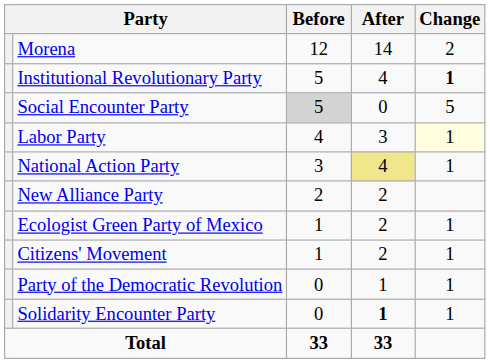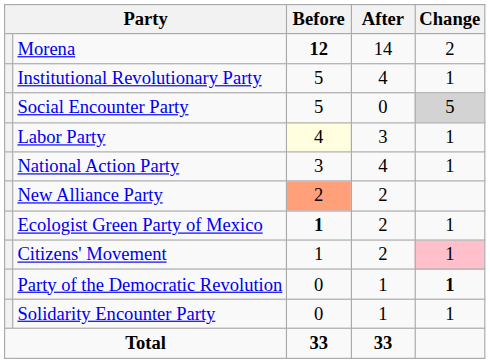 <table class="wikitable" style="text-align:center;">
 <tr>
 <th colspan="2">Party</th>
 <th style="width:3em">Before</th>
 <th style="width:3em">After</th>
 <th style="width:3em">Change</th>
 </tr>
 <tr>
 <th style="background-color:"></th>
 <td style="text-align:left;"><a href='#'>Morena</a></td>
-<td>12</td>
+<td><strong>12</strong></td>
 <td>14</td>
 <td>2</td>
 </tr>
 <tr>
 <th style="background-color:"></th>
 <td style="text-align:left;"><a href='#'>Institutional Revolutionary Party</a></td>
 <td>5</td>
 <td>4</td>
-<td><strong>1</strong></td>
+<td>1</td>
 </tr>
 <tr>
 <th style="background-color:"></th>
 <td style="text-align:left;"><a href='#'>Social Encounter Party</a></td>
+<td>5</td>
+<td>0</td>
 <td style="background: lightgrey;">5</td>
-<td>0</td>
-<td>5</td>
 </tr>
 <tr>
 <th style="background-color:"></th>
 <td style="text-align:left;"><a href='#'>Labor Party</a></td>
-<td>4</td>
+<td style="background: lightyellow;">4</td>
 <td>3</td>
-<td style="background: lightyellow;">1</td>
+<td>1</td>
 </tr>
 <tr>
 <th style="background-color:"></th>
 <td style="text-align:left;"><a href='#'>National Action Party</a></td>
 <td>3</td>
-<td style="background: khaki;">4</td>
+<td>4</td>
 <td>1</td>
 </tr>
 <tr>
 <th style="background-color:"></th>
 <td style="text-align:left;"><a href='#'>New Alliance Party</a></td>
-<td>2</td>
+<td style="background: lightsalmon;">2</td>
 <td>2</td>
 <td></td>
 </tr>
 <tr>
 <th style="background-color:"></th>
 <td style="text-align:left;"><a href='#'>Ecologist Green Party of Mexico</a></td>
-<td>1</td>
+<td><strong>1</strong></td>
 <td>2</td>
 <td>1</td>
 </tr>
 <tr>
 <th style="background-color:"></th>
 <td style="text-align:left;"><a href='#'>Citizens' Movement</a></td>
 <td>1</td>
 <td>2</td>
-<td>1</td>
+<td style="background: pink;">1</td>
 </tr>
 <tr>
 <th style="background-color:"></th>
 <td style="text-align:left;"><a href='#'>Party of the Democratic Revolution</a></td>
 <td>0</td>
 <td>1</td>
-<td>1</td>
+<td><strong>1</strong></td>
 </tr>
 <tr>
 <th style="background-color:"></th>
 <td style="text-align:left;"><a href='#'>Solidarity Encounter Party</a></td>
 <td>0</td>
-<td><strong>1</strong></td>
+<td>1</td>
 <td>1</td>
 </tr>
 <tr>
 <td colspan="2"><strong>Total</strong></td>
 <td><strong>33</strong></td>
 <td><strong>33</strong></td>
 <td></td>
 </tr>
 </table>
